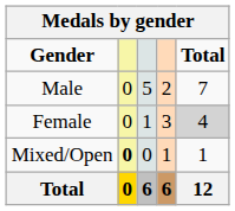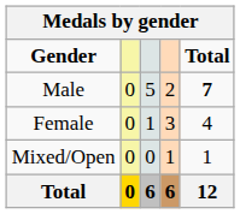 <table class="wikitable" style="font-size:85%; float:right">
 <tr style="background:#efefef;">
 <th colspan=5>Medals by gender</th>
 </tr>
 <tr align=center>
 <td><strong>Gender</strong></td>
 <td style="background:#f7f6a8;"></td>
 <td style="background:#dce5e5;"></td>
 <td style="background:#ffdab9;"></td>
 <td><strong>Total</strong></td>
 </tr>
 <tr align=center>
 <td>Male</td>
 <td style="background:#F7F6A8;">0</td>
 <td style="background:#DCE5E5;">5</td>
 <td style="background:#FFDAB9;">2</td>
-<td>7</td>
+<td><strong>7</strong></td>
 </tr>
 <tr align=center>
 <td>Female</td>
 <td style="background:#F7F6A8;">0</td>
 <td style="background:#DCE5E5;">1</td>
 <td style="background:#FFDAB9;">3</td>
-<td style="background: lightgrey;">4</td>
+<td>4</td>
 </tr>
 <tr align=center>
 <td>Mixed/Open<em></em></td>
-<td style="background:#F7F6A8;"><strong>0</strong></td>
+<td style="background:#F7F6A8;">0</td>
 <td style="background:#DCE5E5;">0</td>
 <td style="background:#FFDAB9;">1</td>
 <td>1</td>
 </tr>
 <tr align=center>
 <th>Total</th>
 <th style="background:gold;">0</th>
 <th style="background:silver;">6</th>
 <th style="background:#c96;">6</th>
 <th>12</th>
 </tr>
 </table>
